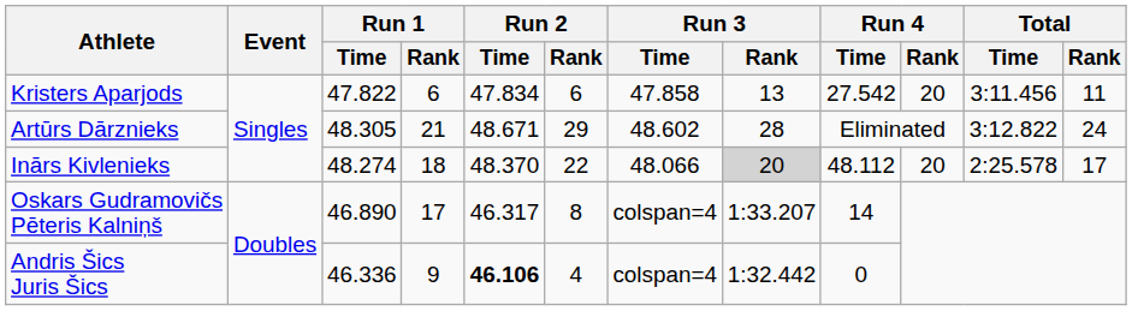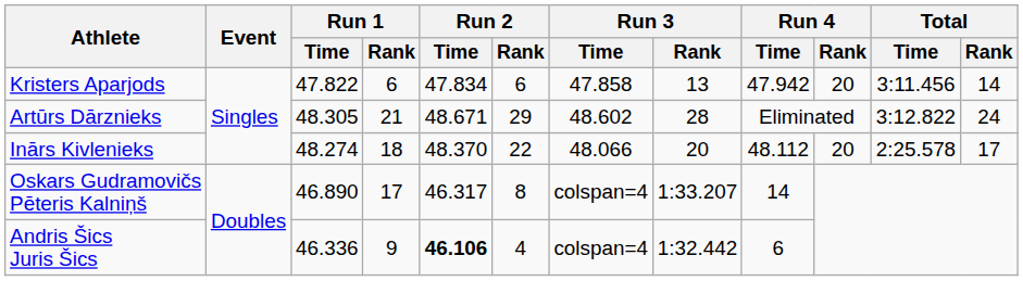 <table class="wikitable" style="font-size:90%">
 <tr>
 <th rowspan="2">Athlete</th>
 <th rowspan="2">Event</th>
 <th colspan=2>Run 1</th>
 <th colspan=2>Run 2</th>
 <th colspan=2>Run 3</th>
 <th colspan=2>Run 4</th>
 <th colspan=2>Total</th>
 </tr>
 <tr style="font-size:95%">
 <th>Time</th>
 <th>Rank</th>
 <th>Time</th>
 <th>Rank</th>
 <th>Time</th>
 <th>Rank</th>
 <th>Time</th>
 <th>Rank</th>
 <th>Time</th>
 <th>Rank</th>
 </tr>
 <tr align=center>
 <td align=left><a href='#'>Kristers Aparjods</a></td>
 <td align=left rowspan=3><a href='#'>Singles</a></td>
 <td>47.822</td>
 <td>6</td>
 <td>47.834</td>
 <td>6</td>
 <td>47.858</td>
 <td>13</td>
-<td>27.542</td>
+<td>47.942</td>
 <td>20</td>
 <td>3:11.456</td>
-<td>11</td>
+<td>14</td>
 </tr>
 <tr align=center>
 <td align=left><a href='#'>Artūrs Dārznieks</a></td>
 <td>48.305</td>
 <td>21</td>
 <td>48.671</td>
 <td>29</td>
 <td>48.602</td>
 <td>28</td>
 <td colspan=2>Eliminated</td>
 <td>3:12.822</td>
 <td>24</td>
 </tr>
 <tr align=center>
 <td align=left><a href='#'>Inārs Kivlenieks</a></td>
 <td>48.274</td>
 <td>18</td>
 <td>48.370</td>
 <td>22</td>
 <td>48.066</td>
-<td style="background: lightgrey;">20</td>
+<td>20</td>
 <td>48.112</td>
 <td>20</td>
 <td>2:25.578</td>
 <td>17</td>
 </tr>
 <tr align=center>
 <td align=left><a href='#'>Oskars Gudramovičs</a><br><a href='#'>Pēteris Kalniņš</a></td>
 <td align=left rowspan=2><a href='#'>Doubles</a></td>
 <td>46.890</td>
 <td>17</td>
 <td>46.317</td>
 <td>8</td>
 <td>colspan=4 </td>
 <td>1:33.207</td>
 <td>14</td>
 </tr>
 <tr align=center>
 <td align=left><a href='#'>Andris Šics</a><br><a href='#'>Juris Šics</a></td>
 <td>46.336</td>
 <td>9</td>
 <td><strong>46.106</strong></td>
 <td>4</td>
 <td>colspan=4 </td>
 <td>1:32.442</td>
-<td>0</td>
+<td>6</td>
 </tr>
 </table>
